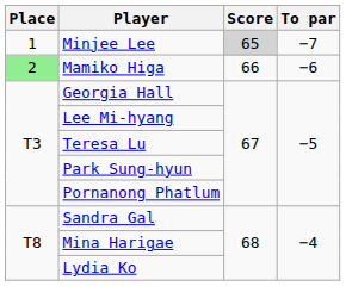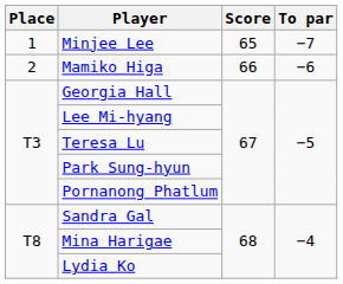 <table class="wikitable">
 <tr>
 <th>Place</th>
 <th>Player</th>
 <th>Score</th>
 <th>To par</th>
 </tr>
 <tr>
 <td align=center>1</td>
 <td> <a href='#'>Minjee Lee</a></td>
-<td align=center style="background: lightgrey;">65</td>
+<td align=center>65</td>
 <td align=center>−7</td>
 </tr>
 <tr>
-<td align=center style="background: lightgreen;">2</td>
+<td align=center>2</td>
 <td> <a href='#'>Mamiko Higa</a></td>
 <td align=center>66</td>
 <td align=center>−6</td>
 </tr>
 <tr>
 <td align=center rowspan=5>T3</td>
 <td> <a href='#'>Georgia Hall</a></td>
 <td align=center rowspan=5>67</td>
 <td align=center rowspan=5>−5</td>
 </tr>
 <tr>
 <td> <a href='#'>Lee Mi-hyang</a></td>
 </tr>
 <tr>
 <td> <a href='#'>Teresa Lu</a></td>
 </tr>
 <tr>
 <td> <a href='#'>Park Sung-hyun</a></td>
 </tr>
 <tr>
 <td> <a href='#'>Pornanong Phatlum</a></td>
 </tr>
 <tr>
 <td align=center rowspan=3>T8</td>
 <td> <a href='#'>Sandra Gal</a></td>
 <td align=center rowspan=3>68</td>
 <td align=center rowspan=3>−4</td>
 </tr>
 <tr>
 <td> <a href='#'>Mina Harigae</a></td>
 </tr>
 <tr>
 <td> <a href='#'>Lydia Ko</a></td>
 </tr>
 </table>
